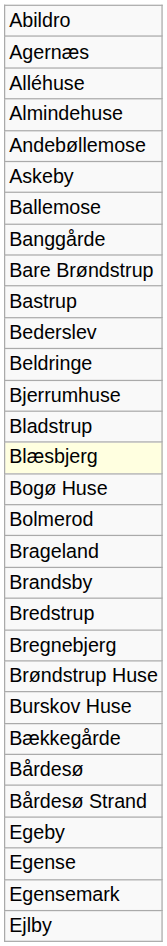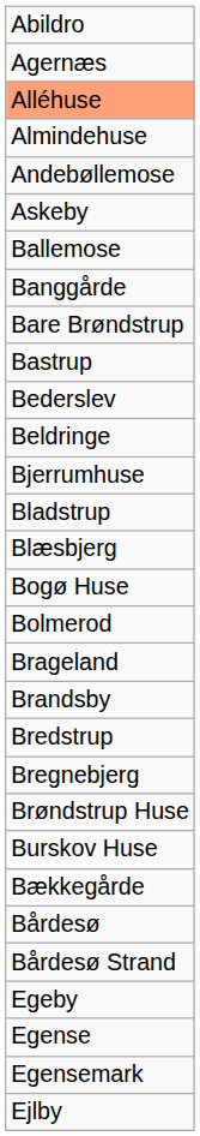 <table class="wikitable" style="float:left; margin-right:1em">
 <tr>
 <td>Abildro</td>
 </tr>
 <tr>
 <td>Agernæs</td>
 </tr>
 <tr>
-<td>Alléhuse</td>
+<td style="background: lightsalmon;">Alléhuse</td>
 </tr>
 <tr>
 <td>Almindehuse</td>
 </tr>
 <tr>
 <td>Andebøllemose</td>
 </tr>
 <tr>
 <td>Askeby</td>
 </tr>
 <tr>
 <td>Ballemose</td>
 </tr>
 <tr>
 <td>Banggårde</td>
 </tr>
 <tr>
 <td>Bare Brøndstrup</td>
 </tr>
 <tr>
 <td>Bastrup</td>
 </tr>
 <tr>
 <td>Bederslev</td>
 </tr>
 <tr>
 <td>Beldringe</td>
 </tr>
 <tr>
 <td>Bjerrumhuse</td>
 </tr>
 <tr>
 <td>Bladstrup</td>
 </tr>
 <tr>
-<td style="background: lightyellow;">Blæsbjerg</td>
+<td>Blæsbjerg</td>
 </tr>
 <tr>
 <td>Bogø Huse</td>
 </tr>
 <tr>
 <td>Bolmerod</td>
 </tr>
 <tr>
 <td>Brageland</td>
 </tr>
 <tr>
 <td>Brandsby</td>
 </tr>
 <tr>
 <td>Bredstrup</td>
 </tr>
 <tr>
 <td>Bregnebjerg</td>
 </tr>
 <tr>
 <td>Brøndstrup Huse</td>
 </tr>
 <tr>
 <td>Burskov Huse</td>
 </tr>
 <tr>
 <td>Bækkegårde</td>
 </tr>
 <tr>
 <td>Bårdesø</td>
 </tr>
 <tr>
 <td>Bårdesø Strand</td>
 </tr>
 <tr>
 <td>Egeby</td>
 </tr>
 <tr>
 <td>Egense</td>
 </tr>
 <tr>
 <td>Egensemark</td>
 </tr>
 <tr>
 <td>Ejlby</td>
 </tr>
 </table>
